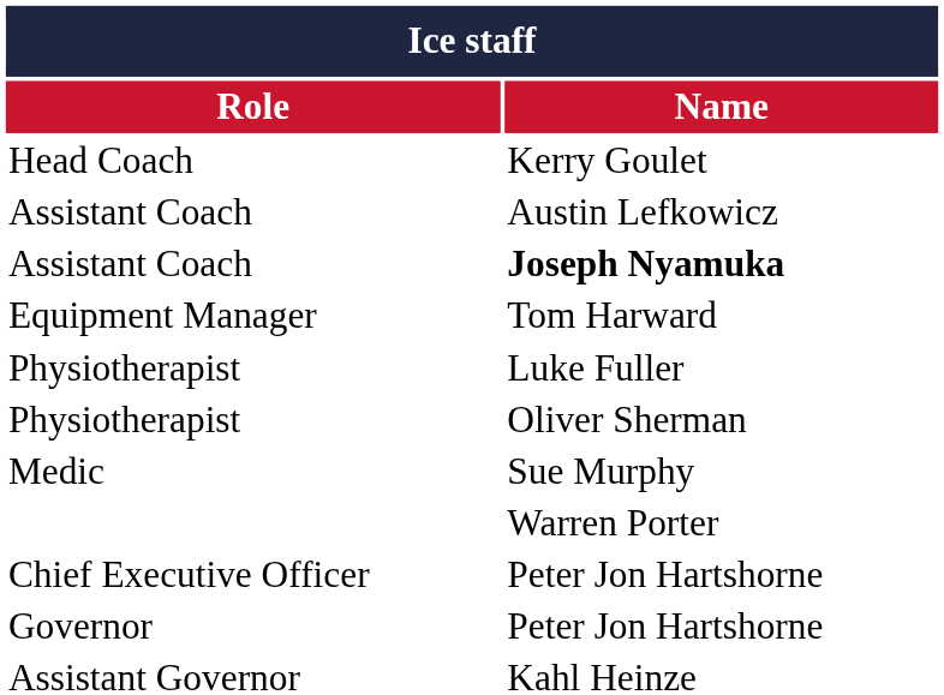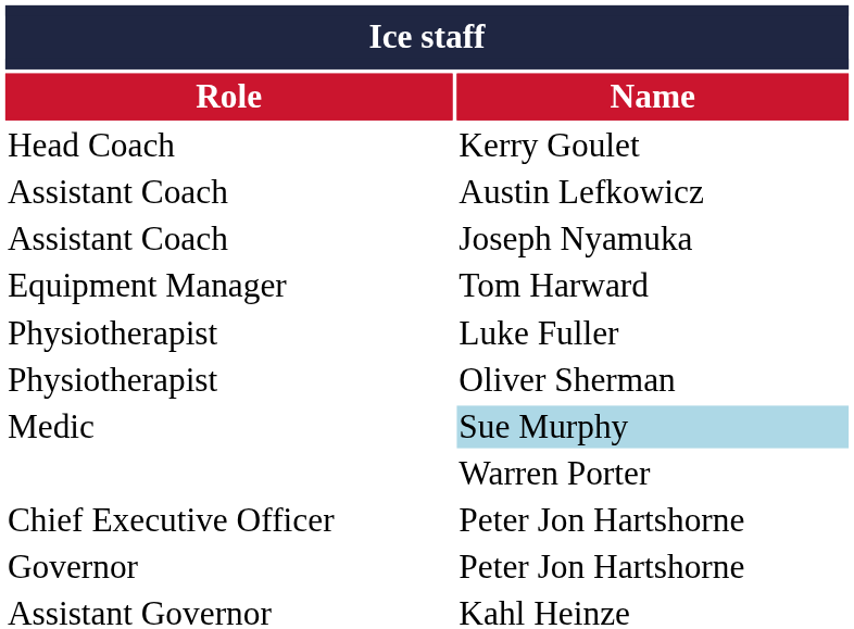 <table class="toccolours" style="width:25em">
 <tr>
 <th colspan="2" style="background:#1f2642; border-top:#1f2642 5px solid; border-bottom:#1f2642 5px solid;color:white">Ice staff</th>
 </tr>
 <tr>
 <th style="background:#cb152e;color:white;border:#cb152e 1px solid">Role</th>
 <th style="background:#cb152e;color:white;border:#cb152e 1px solid">Name</th>
 </tr>
 <tr>
 <td>Head Coach</td>
 <td> Kerry Goulet</td>
 </tr>
 <tr>
 <td>Assistant Coach</td>
 <td> Austin Lefkowicz</td>
 </tr>
 <tr>
 <td>Assistant Coach</td>
-<td><strong> Joseph Nyamuka</strong></td>
+<td> Joseph Nyamuka</td>
 </tr>
 <tr>
 <td>Equipment Manager</td>
 <td> Tom Harward</td>
 </tr>
 <tr>
 <td>Physiotherapist</td>
 <td> Luke Fuller</td>
 </tr>
 <tr>
 <td>Physiotherapist</td>
 <td> Oliver Sherman</td>
 </tr>
 <tr>
 <td>Medic</td>
-<td> Sue Murphy</td>
+<td style="background: lightblue;"> Sue Murphy</td>
 </tr>
 <tr>
 <td></td>
 <td> Warren Porter</td>
 </tr>
 <tr>
 <td>Chief Executive Officer</td>
 <td> Peter Jon Hartshorne</td>
 </tr>
 <tr>
 <td>Governor</td>
 <td> Peter Jon Hartshorne</td>
 </tr>
 <tr>
 <td>Assistant Governor</td>
 <td> Kahl Heinze</td>
 </tr>
 <tr>
 </tr>
 </table>
